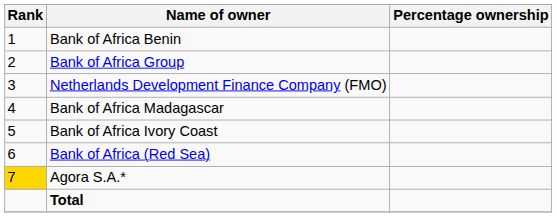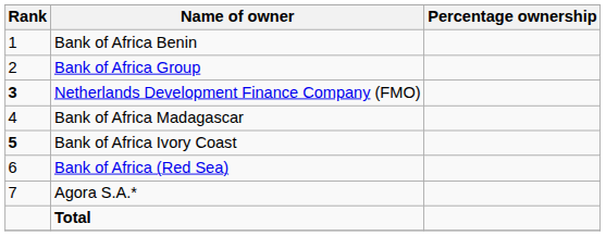 <table class="wikitable sortable" style="margin:0.5em auto">
 <tr>
 </tr>
 <tr>
 <th>Rank</th>
 <th>Name of owner</th>
 <th>Percentage ownership</th>
 </tr>
 <tr>
 <td>1</td>
 <td>Bank of Africa Benin</td>
 <td></td>
 </tr>
 <tr>
 <td>2</td>
 <td><a href='#'>Bank of Africa Group</a></td>
 <td></td>
 </tr>
 <tr>
-<td>3</td>
+<td><strong>3</strong></td>
 <td><a href='#'>Netherlands Development Finance Company</a> (FMO)</td>
 <td></td>
 </tr>
 <tr>
 <td>4</td>
 <td>Bank of Africa Madagascar</td>
 <td></td>
 </tr>
 <tr>
-<td>5</td>
+<td><strong>5</strong></td>
 <td>Bank of Africa Ivory Coast</td>
 <td></td>
 </tr>
 <tr>
 <td>6</td>
 <td><a href='#'>Bank of Africa (Red Sea)</a></td>
 <td></td>
 </tr>
 <tr>
-<td style="background: gold;">7</td>
+<td>7</td>
 <td>Agora S.A.*</td>
 <td></td>
 </tr>
 <tr>
 <td></td>
 <td><strong>Total</strong></td>
 <td><strong></strong></td>
 </tr>
 <tr>
 </tr>
 </table>
